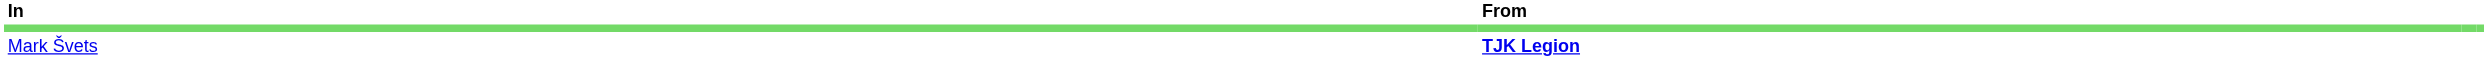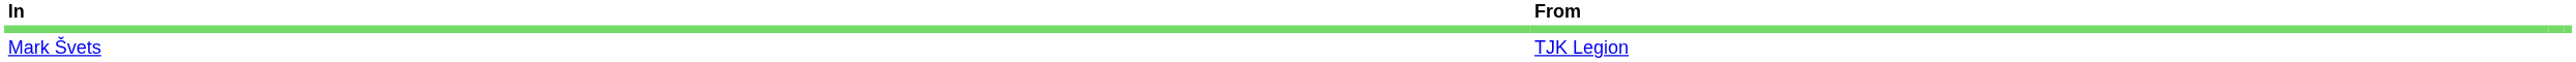 <table cellspacing="0" cellpadding="3" style="width:100%;font-size:90%">
 <tr>
 <td style="width:60%"><strong>In</strong></td>
 <td style="width:40%"><strong>From</strong></td>
 <td></td>
 </tr>
 <tr style="background-color:#73DA67;">
 <td></td>
 <td></td>
 <td></td>
 <td></td>
 <td></td>
 </tr>
 <tr>
 <td> <a href='#'>Mark Švets</a></td>
-<td><strong><a href='#'>TJK Legion</a></strong></td>
+<td><a href='#'>TJK Legion</a></td>
 </tr>
 </table>
